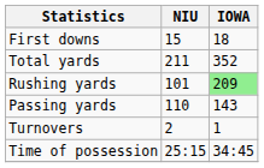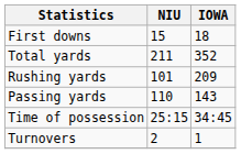 <table class="wikitable">
 <tr>
 <th>Statistics</th>
 <th>NIU</th>
 <th>IOWA</th>
 </tr>
 <tr>
 <td>First downs</td>
 <td>15</td>
 <td>18</td>
 </tr>
 <tr>
 <td>Total yards</td>
 <td>211</td>
 <td>352</td>
 </tr>
 <tr>
 <td>Rushing yards</td>
 <td>101</td>
-<td style="background: lightgreen;">209</td>
+<td>209</td>
 </tr>
 <tr>
 <td>Passing yards</td>
 <td>110</td>
 <td>143</td>
 </tr>
 <tr>
+<td>Time of possession</td>
+<td>25:15</td>
+<td>34:45</td>
+</tr>
+<tr>
 <td>Turnovers</td>
 <td>2</td>
 <td>1</td>
 </tr>
 <tr>
-<td>Time of possession</td>
-<td>25:15</td>
-<td>34:45</td>
-</tr>
-<tr>
 </tr>
 </table>
